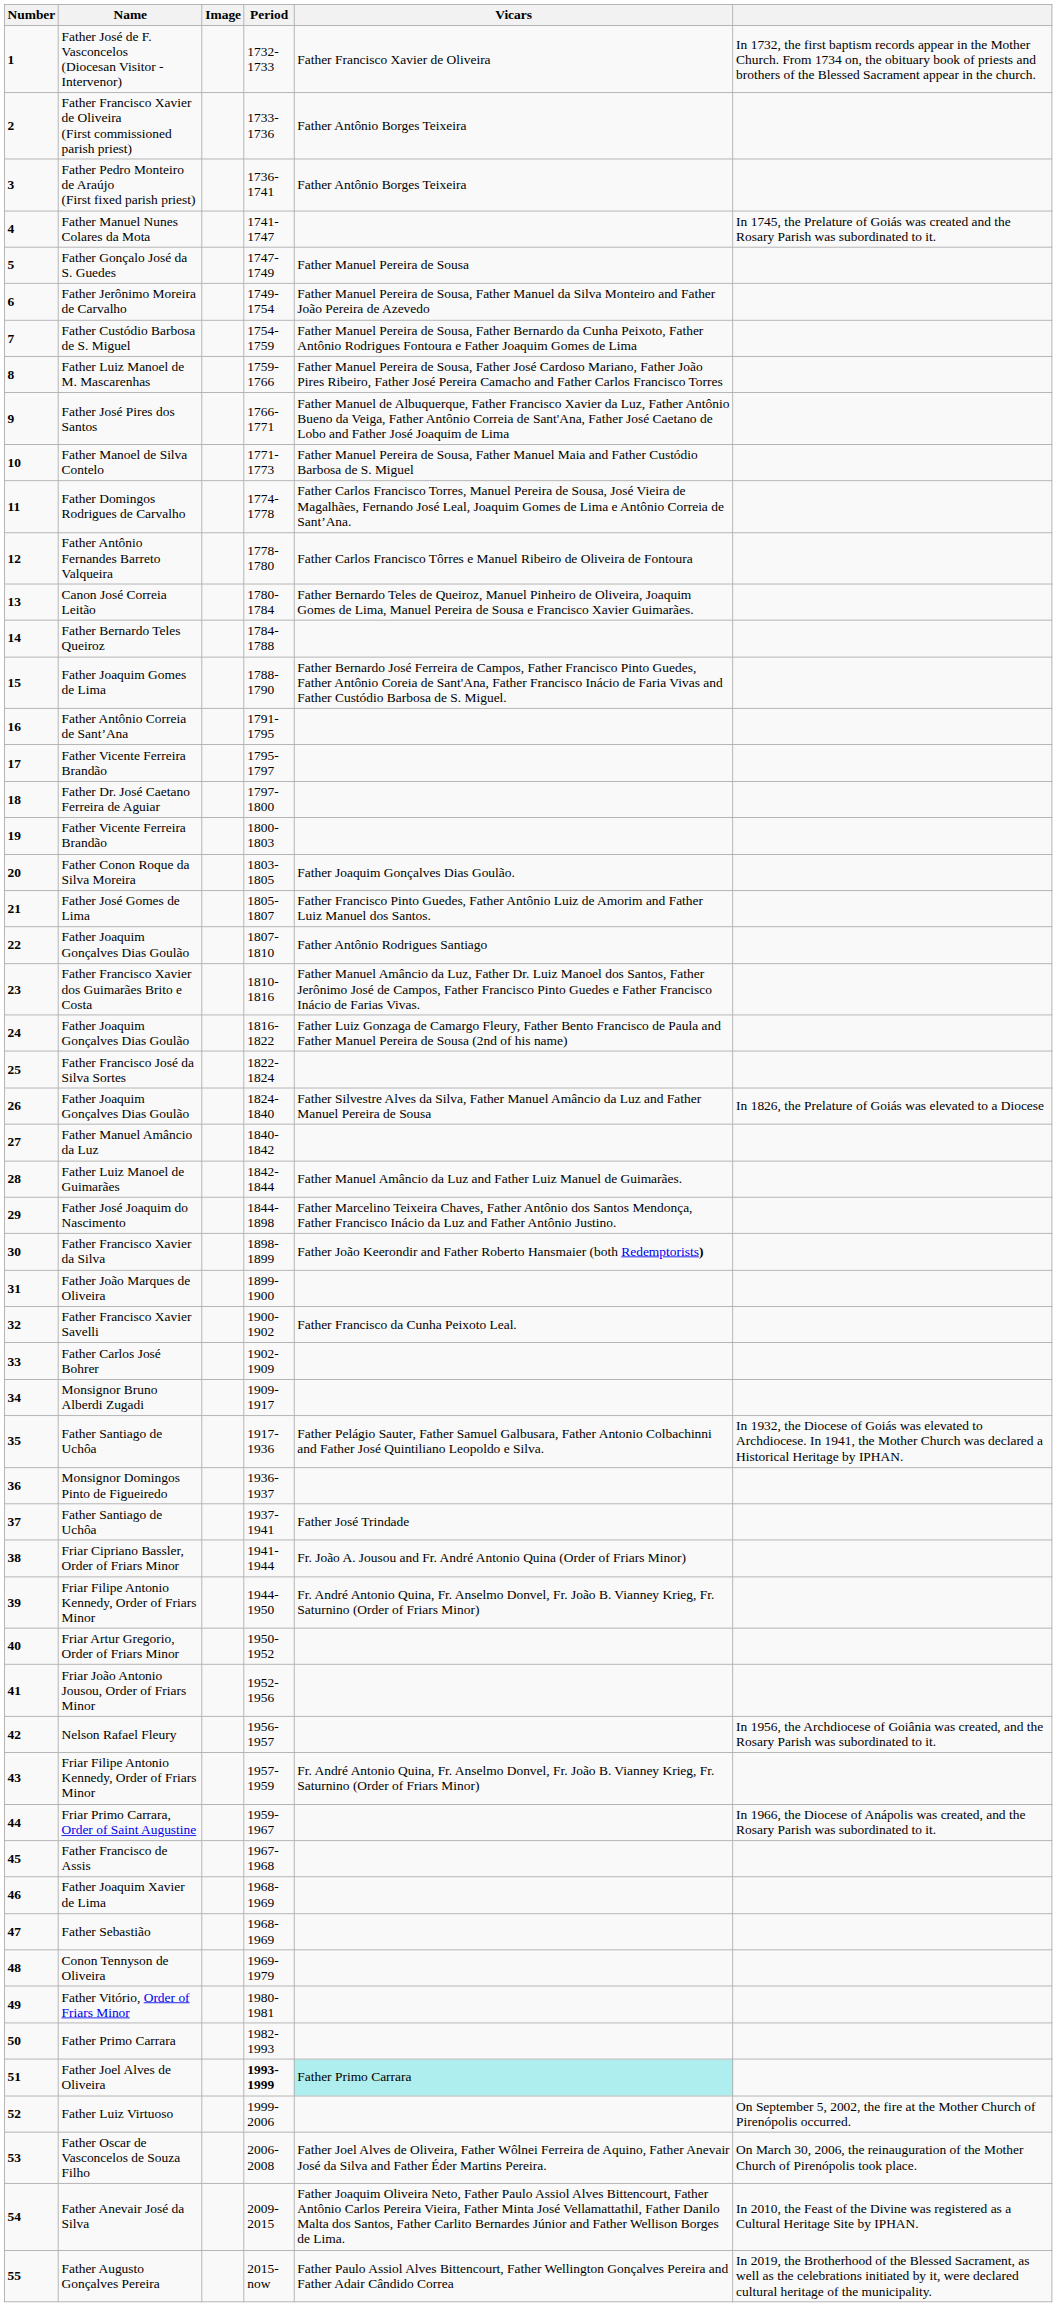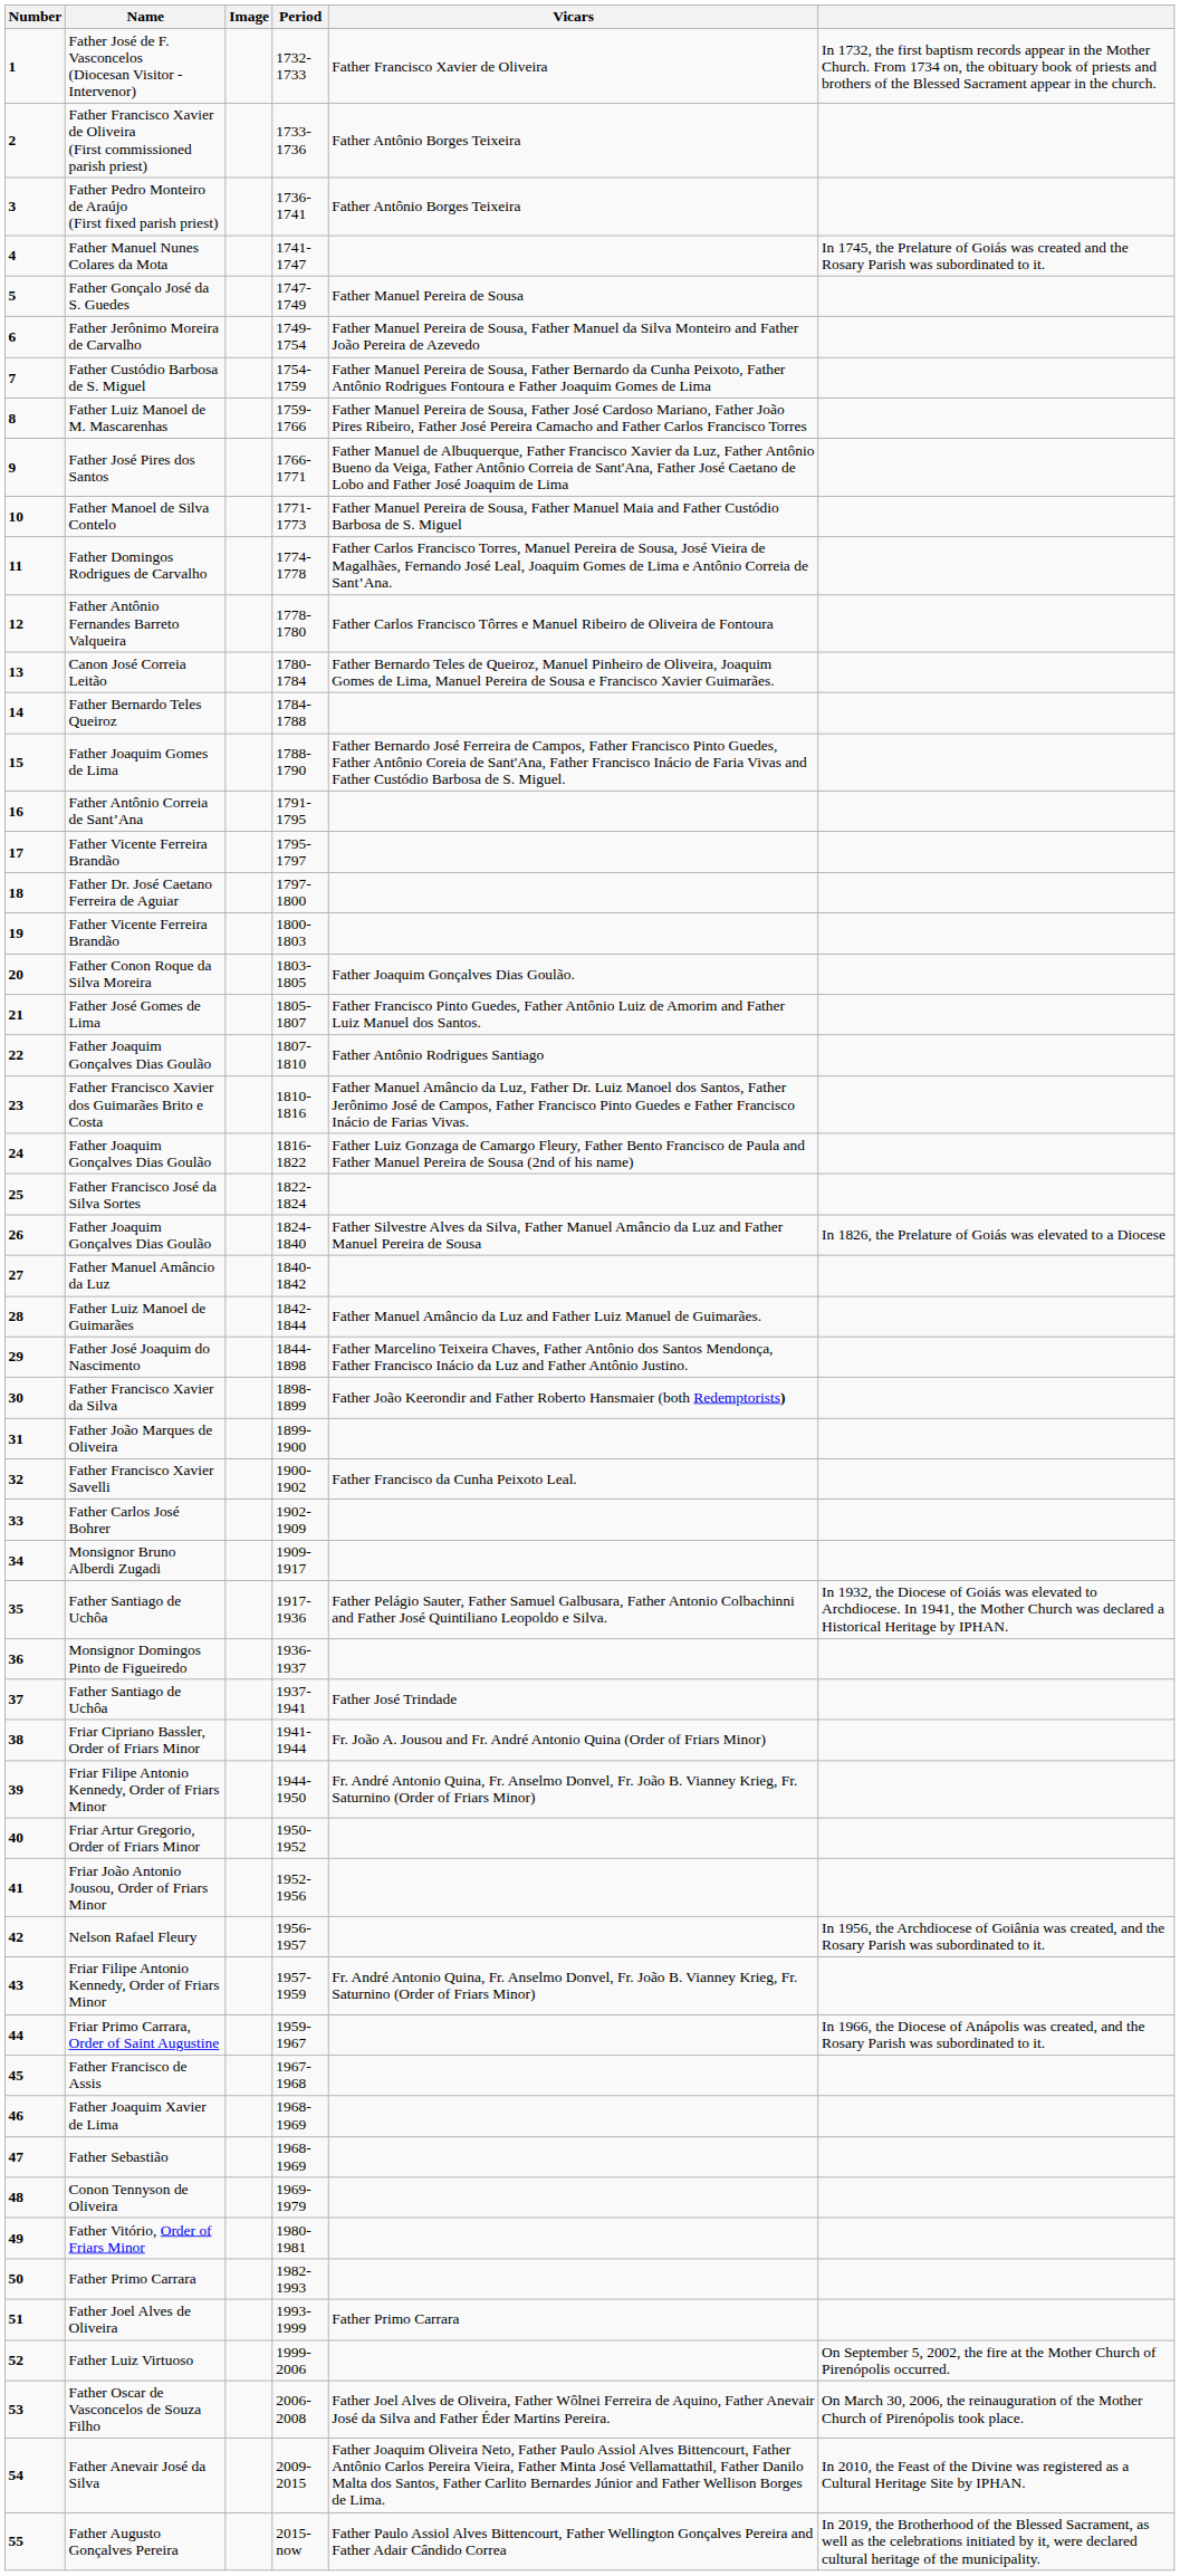 <table class="wikitable">
 <tr>
 <th>Number</th>
 <th>Name</th>
 <th>Image</th>
 <th>Period</th>
 <th>Vicars</th>
 <th></th>
 </tr>
 <tr>
 <td><strong>1</strong></td>
 <td>Father José de F. Vasconcelos<br>(Diocesan Visitor - Intervenor)</td>
 <td></td>
 <td>1732-1733</td>
 <td>Father Francisco Xavier de Oliveira</td>
 <td>In 1732, the first baptism records appear in the Mother Church. From 1734 on, the obituary book of priests and brothers of the Blessed Sacrament appear in the church.</td>
 </tr>
 <tr>
 <td><strong>2</strong></td>
 <td>Father Francisco Xavier de Oliveira<br>(First commissioned parish priest)</td>
 <td></td>
 <td>1733-1736</td>
 <td>Father Antônio Borges Teixeira</td>
 <td></td>
 </tr>
 <tr>
 <td><strong>3</strong></td>
 <td>Father Pedro Monteiro de Araújo<br>(First fixed parish priest)</td>
 <td></td>
 <td>1736-1741</td>
 <td>Father Antônio Borges Teixeira</td>
 <td></td>
 </tr>
 <tr>
 <td><strong>4</strong></td>
 <td>Father Manuel Nunes Colares da Mota</td>
 <td></td>
 <td>1741-1747</td>
 <td></td>
 <td>In 1745, the Prelature of Goiás was created and the Rosary Parish was subordinated to it.</td>
 </tr>
 <tr>
 <td><strong>5</strong></td>
 <td>Father Gonçalo José da S. Guedes</td>
 <td></td>
 <td>1747-1749</td>
 <td>Father Manuel Pereira de Sousa</td>
 <td></td>
 </tr>
 <tr>
 <td><strong>6</strong></td>
 <td>Father Jerônimo Moreira de Carvalho</td>
 <td></td>
 <td>1749-1754</td>
 <td>Father Manuel Pereira de Sousa, Father Manuel da Silva Monteiro and Father João Pereira de Azevedo</td>
 <td></td>
 </tr>
 <tr>
 <td><strong>7</strong></td>
 <td>Father Custódio Barbosa de S. Miguel</td>
 <td></td>
 <td>1754-1759</td>
 <td>Father Manuel Pereira de Sousa, Father Bernardo da Cunha Peixoto, Father Antônio Rodrigues Fontoura e Father Joaquim Gomes de Lima</td>
 <td></td>
 </tr>
 <tr>
 <td><strong>8</strong></td>
 <td>Father Luiz Manoel de M. Mascarenhas</td>
 <td></td>
 <td>1759-1766</td>
 <td>Father Manuel Pereira de Sousa, Father José Cardoso Mariano, Father João Pires Ribeiro, Father  José Pereira Camacho and Father Carlos Francisco Torres</td>
 <td></td>
 </tr>
 <tr>
 <td><strong>9</strong></td>
 <td>Father José Pires dos Santos</td>
 <td></td>
 <td>1766-1771</td>
 <td>Father Manuel de Albuquerque, Father Francisco Xavier da Luz, Father Antônio Bueno da Veiga, Father Antônio Correia de Sant'Ana, Father José Caetano de Lobo and Father José Joaquim de Lima</td>
 <td></td>
 </tr>
 <tr>
 <td><strong>10</strong></td>
 <td>Father Manoel de Silva Contelo</td>
 <td></td>
 <td>1771-1773</td>
 <td>Father Manuel Pereira de Sousa, Father Manuel Maia and Father Custódio Barbosa de S. Miguel</td>
 <td></td>
 </tr>
 <tr>
 <td><strong>11</strong></td>
 <td>Father Domingos Rodrigues de Carvalho</td>
 <td></td>
 <td>1774-1778</td>
 <td>Father Carlos Francisco Torres, Manuel Pereira de Sousa, José Vieira de Magalhães, Fernando José Leal, Joaquim Gomes de Lima e Antônio Correia de Sant’Ana.</td>
 <td></td>
 </tr>
 <tr>
 <td><strong>12</strong></td>
 <td>Father Antônio Fernandes Barreto Valqueira</td>
 <td></td>
 <td>1778-1780</td>
 <td>Father Carlos Francisco Tôrres e Manuel Ribeiro de Oliveira de Fontoura</td>
 <td></td>
 </tr>
 <tr>
 <td><strong>13</strong></td>
 <td>Canon José Correia Leitão</td>
 <td></td>
 <td>1780-1784</td>
 <td>Father Bernardo Teles de Queiroz, Manuel Pinheiro de Oliveira, Joaquim Gomes de Lima, Manuel Pereira de Sousa e Francisco Xavier Guimarães.</td>
 <td></td>
 </tr>
 <tr>
 <td><strong>14</strong></td>
 <td>Father Bernardo Teles Queiroz</td>
 <td></td>
 <td>1784-1788</td>
 <td></td>
 <td></td>
 </tr>
 <tr>
 <td><strong>15</strong></td>
 <td>Father Joaquim Gomes de Lima</td>
 <td></td>
 <td>1788-1790</td>
 <td>Father Bernardo José Ferreira de Campos, Father Francisco Pinto Guedes, Father Antônio Coreia de Sant'Ana, Father Francisco Inácio de Faria Vivas and Father Custódio Barbosa de S. Miguel.</td>
 <td></td>
 </tr>
 <tr>
 <td><strong>16</strong></td>
 <td>Father Antônio Correia de Sant’Ana</td>
 <td></td>
 <td>1791-1795</td>
 <td></td>
 <td></td>
 </tr>
 <tr>
 <td><strong>17</strong></td>
 <td>Father Vicente Ferreira Brandão</td>
 <td></td>
 <td>1795-1797</td>
 <td></td>
 <td></td>
 </tr>
 <tr>
 <td><strong>18</strong></td>
 <td>Father Dr. José Caetano Ferreira de Aguiar</td>
 <td></td>
 <td>1797-1800</td>
 <td></td>
 <td></td>
 </tr>
 <tr>
 <td><strong>19</strong></td>
 <td>Father Vicente Ferreira Brandão</td>
 <td></td>
 <td>1800-1803</td>
 <td></td>
 <td></td>
 </tr>
 <tr>
 <td><strong>20</strong></td>
 <td>Father Conon Roque da Silva Moreira</td>
 <td></td>
 <td>1803-1805</td>
 <td>Father Joaquim Gonçalves Dias Goulão.</td>
 <td></td>
 </tr>
 <tr>
 <td><strong>21</strong></td>
 <td>Father José Gomes de Lima</td>
 <td></td>
 <td>1805-1807</td>
 <td>Father Francisco Pinto Guedes, Father Antônio Luiz de Amorim and Father Luiz Manuel dos Santos.</td>
 <td></td>
 </tr>
 <tr>
 <td><strong>22</strong></td>
 <td>Father Joaquim Gonçalves Dias Goulão</td>
 <td></td>
 <td>1807-1810</td>
 <td>Father Antônio Rodrigues Santiago</td>
 <td></td>
 </tr>
 <tr>
 <td><strong>23</strong></td>
 <td>Father Francisco Xavier dos Guimarães Brito e Costa</td>
 <td></td>
 <td>1810-1816</td>
 <td>Father Manuel Amâncio da Luz, Father Dr. Luiz Manoel dos Santos, Father Jerônimo José de Campos, Father Francisco Pinto Guedes e Father Francisco Inácio de Farias Vivas.</td>
 <td></td>
 </tr>
 <tr>
 <td><strong>24</strong></td>
 <td>Father Joaquim Gonçalves Dias Goulão</td>
 <td></td>
 <td>1816-1822</td>
 <td>Father Luiz Gonzaga de Camargo Fleury, Father Bento Francisco de Paula and Father Manuel Pereira de Sousa (2nd of his name)</td>
 <td></td>
 </tr>
 <tr>
 <td><strong>25</strong></td>
 <td>Father Francisco José da Silva Sortes</td>
 <td></td>
 <td>1822-1824</td>
 <td></td>
 <td></td>
 </tr>
 <tr>
 <td><strong>26</strong></td>
 <td>Father Joaquim Gonçalves Dias Goulão</td>
 <td></td>
 <td>1824-1840</td>
 <td>Father Silvestre Alves da Silva, Father Manuel Amâncio da Luz and Father Manuel Pereira de Sousa</td>
 <td>In 1826, the Prelature of Goiás was elevated to a Diocese</td>
 </tr>
 <tr>
 <td><strong>27</strong></td>
 <td>Father Manuel Amâncio da Luz</td>
 <td></td>
 <td>1840-1842</td>
 <td></td>
 <td></td>
 </tr>
 <tr>
 <td><strong>28</strong></td>
 <td>Father Luiz Manoel de Guimarães</td>
 <td></td>
 <td>1842-1844</td>
 <td>Father Manuel Amâncio da Luz and Father Luiz Manuel de Guimarães.</td>
 <td></td>
 </tr>
 <tr>
 <td><strong>29</strong></td>
 <td>Father José Joaquim do Nascimento</td>
 <td></td>
 <td>1844-1898</td>
 <td>Father Marcelino Teixeira Chaves, Father Antônio dos Santos Mendonça, Father Francisco Inácio da Luz and Father  Antônio Justino.</td>
 <td></td>
 </tr>
 <tr>
 <td><strong>30</strong></td>
 <td>Father Francisco Xavier da Silva</td>
 <td></td>
 <td>1898-1899</td>
 <td>Father João Keerondir and Father Roberto Hansmaier (both <a href='#'>Redemptorists</a><strong>)</strong></td>
 <td></td>
 </tr>
 <tr>
 <td><strong>31</strong></td>
 <td>Father João Marques de Oliveira</td>
 <td></td>
 <td>1899-1900</td>
 <td></td>
 <td></td>
 </tr>
 <tr>
 <td><strong>32</strong></td>
 <td>Father Francisco Xavier Savelli</td>
 <td></td>
 <td>1900-1902</td>
 <td>Father Francisco da Cunha Peixoto Leal.</td>
 <td></td>
 </tr>
 <tr>
 <td><strong>33</strong></td>
 <td>Father Carlos José Bohrer</td>
 <td></td>
 <td>1902-1909</td>
 <td></td>
 <td></td>
 </tr>
 <tr>
 <td><strong>34</strong></td>
 <td>Monsignor Bruno Alberdi Zugadi</td>
 <td></td>
 <td>1909-1917</td>
 <td></td>
 <td></td>
 </tr>
 <tr>
 <td><strong>35</strong></td>
 <td>Father Santiago de Uchôa</td>
 <td></td>
 <td>1917-1936</td>
 <td>Father Pelágio Sauter, Father Samuel Galbusara, Father Antonio Colbachinni and Father José Quintiliano Leopoldo e Silva.</td>
 <td>In 1932, the Diocese of Goiás was elevated to Archdiocese. In 1941, the Mother Church was declared a Historical Heritage by IPHAN.</td>
 </tr>
 <tr>
 <td><strong>36</strong></td>
 <td>Monsignor Domingos Pinto de Figueiredo</td>
 <td></td>
 <td>1936-1937</td>
 <td></td>
 <td></td>
 </tr>
 <tr>
 <td><strong>37</strong></td>
 <td>Father Santiago de Uchôa</td>
 <td></td>
 <td>1937-1941</td>
 <td>Father José Trindade</td>
 <td></td>
 </tr>
 <tr>
 <td><strong>38</strong></td>
 <td>Friar Cipriano Bassler, Order of Friars Minor</td>
 <td></td>
 <td>1941-1944</td>
 <td>Fr. João A. Jousou and Fr. André Antonio Quina (Order of Friars Minor)</td>
 <td></td>
 </tr>
 <tr>
 <td><strong>39</strong></td>
 <td>Friar Filipe Antonio Kennedy, Order of Friars Minor</td>
 <td></td>
 <td>1944-1950</td>
 <td>Fr. André Antonio Quina, Fr. Anselmo Donvel, Fr. João B. Vianney Krieg, Fr. Saturnino (Order of Friars Minor)</td>
 <td></td>
 </tr>
 <tr>
 <td><strong>40</strong></td>
 <td>Friar Artur Gregorio, Order of Friars Minor</td>
 <td></td>
 <td>1950-1952</td>
 <td></td>
 <td></td>
 </tr>
 <tr>
 <td><strong>41</strong></td>
 <td>Friar João Antonio Jousou, Order of Friars Minor</td>
 <td></td>
 <td>1952-1956</td>
 <td></td>
 <td></td>
 </tr>
 <tr>
 <td><strong>42</strong></td>
 <td>Nelson Rafael Fleury</td>
 <td></td>
 <td>1956-1957</td>
 <td></td>
 <td>In 1956, the Archdiocese of Goiânia was created, and the Rosary Parish was subordinated to it.</td>
 </tr>
 <tr>
 <td><strong>43</strong></td>
 <td>Friar Filipe Antonio Kennedy, Order of Friars Minor</td>
 <td></td>
 <td>1957-1959</td>
 <td>Fr. André Antonio Quina, Fr. Anselmo Donvel, Fr. João B. Vianney Krieg, Fr. Saturnino (Order of Friars Minor)</td>
 <td></td>
 </tr>
 <tr>
 <td><strong>44</strong></td>
 <td>Friar Primo Carrara, <a href='#'>Order of Saint Augustine</a></td>
 <td></td>
 <td>1959-1967</td>
 <td></td>
 <td>In 1966, the Diocese of Anápolis was created, and the Rosary Parish was subordinated to it.</td>
 </tr>
 <tr>
 <td><strong>45</strong></td>
 <td>Father Francisco de Assis</td>
 <td></td>
 <td>1967-1968</td>
 <td></td>
 <td></td>
 </tr>
 <tr>
 <td><strong>46</strong></td>
 <td>Father Joaquim Xavier de Lima</td>
 <td></td>
 <td>1968-1969</td>
 <td></td>
 <td></td>
 </tr>
 <tr>
 <td><strong>47</strong></td>
 <td>Father Sebastião</td>
 <td></td>
 <td>1968-1969</td>
 <td></td>
 <td></td>
 </tr>
 <tr>
 <td><strong>48</strong></td>
 <td>Conon Tennyson de Oliveira</td>
 <td></td>
 <td>1969-1979</td>
 <td></td>
 <td></td>
 </tr>
 <tr>
 <td><strong>49</strong></td>
 <td>Father Vitório, <a href='#'>Order of Friars Minor</a></td>
 <td></td>
 <td>1980-1981</td>
 <td></td>
 <td></td>
 </tr>
 <tr>
 <td><strong>50</strong></td>
 <td>Father Primo Carrara</td>
 <td></td>
 <td>1982-1993</td>
 <td></td>
 <td></td>
 </tr>
 <tr>
 <td><strong>51</strong></td>
 <td>Father Joel Alves de Oliveira</td>
 <td></td>
-<td><strong>1993-1999</strong></td>
-<td style="background: paleturquoise;">Father Primo Carrara</td>
+<td>1993-1999</td>
+<td>Father Primo Carrara</td>
 <td></td>
 </tr>
 <tr>
 <td><strong>52</strong></td>
 <td>Father Luiz Virtuoso</td>
 <td></td>
 <td>1999-2006</td>
 <td></td>
 <td>On September 5, 2002, the fire at the Mother Church of Pirenópolis occurred.</td>
 </tr>
 <tr>
 <td><strong>53</strong></td>
 <td>Father Oscar de Vasconcelos de Souza Filho</td>
 <td></td>
 <td>2006-2008</td>
 <td>Father Joel Alves de Oliveira, Father Wôlnei Ferreira de Aquino, Father Anevair José da Silva and Father Éder Martins Pereira.</td>
 <td>On March 30, 2006, the reinauguration of the Mother Church of Pirenópolis took place.</td>
 </tr>
 <tr>
 <td><strong>54</strong></td>
 <td>Father Anevair José da Silva</td>
 <td></td>
 <td>2009-2015</td>
 <td>Father Joaquim Oliveira Neto, Father Paulo Assiol Alves Bittencourt, Father Antônio Carlos Pereira Vieira, Father Minta José Vellamattathil, Father Danilo Malta dos Santos, Father Carlito Bernardes Júnior and Father Wellison Borges de Lima.</td>
 <td>In 2010, the Feast of the Divine was registered as a Cultural Heritage Site by IPHAN.</td>
 </tr>
 <tr>
 <td><strong>55</strong></td>
 <td>Father  Augusto Gonçalves Pereira</td>
 <td></td>
 <td>2015-now</td>
 <td>Father Paulo Assiol Alves Bittencourt, Father Wellington Gonçalves Pereira and Father Adair Cândido Correa</td>
 <td>In 2019, the Brotherhood of the Blessed Sacrament, as well as the celebrations initiated by it, were declared cultural heritage of the municipality.</td>
 </tr>
 </table>
